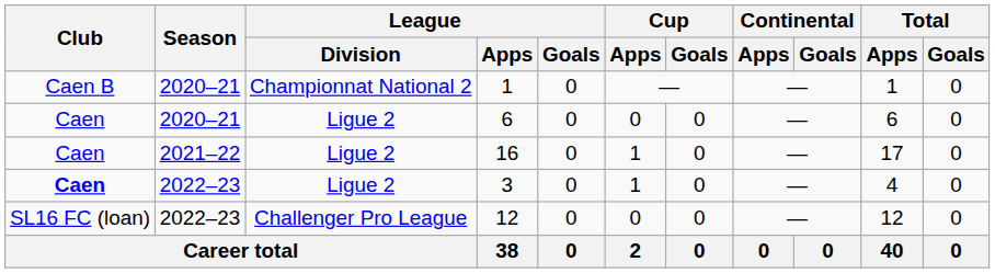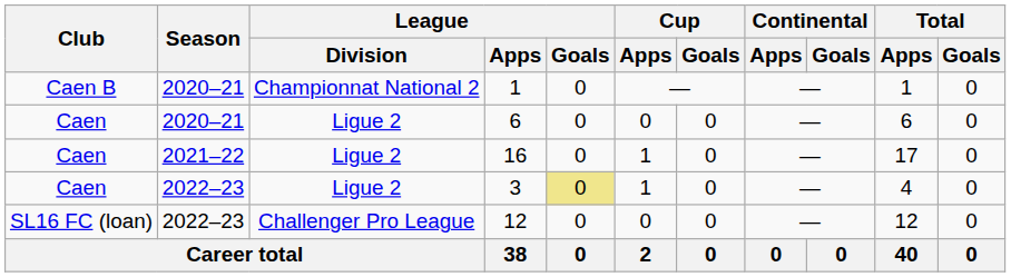 <table class="wikitable" Style="text-align: center">
 <tr>
 <th rowspan="2">Club</th>
 <th rowspan="2">Season</th>
 <th colspan="3">League</th>
 <th colspan="2">Cup</th>
 <th colspan="2">Continental</th>
 <th colspan="2">Total</th>
 </tr>
 <tr>
 <th>Division</th>
 <th>Apps</th>
 <th>Goals</th>
 <th>Apps</th>
 <th>Goals</th>
 <th>Apps</th>
 <th>Goals</th>
 <th>Apps</th>
 <th>Goals</th>
 </tr>
 <tr>
 <td rowspan="1"><a href='#'>Caen B</a></td>
 <td><a href='#'>2020–21</a></td>
 <td rowspan="1"><a href='#'>Championnat National 2</a></td>
 <td>1</td>
 <td>0</td>
 <td colspan="2">—</td>
 <td colspan="2">—</td>
 <td>1</td>
 <td>0</td>
 </tr>
 <tr>
 <td rowspan="1"><a href='#'>Caen</a></td>
 <td><a href='#'>2020–21</a></td>
 <td rowspan="1"><a href='#'>Ligue 2</a></td>
 <td>6</td>
 <td>0</td>
 <td>0</td>
 <td>0</td>
 <td colspan="2">—</td>
 <td>6</td>
 <td>0</td>
 </tr>
 <tr>
 <td rowspan="1"><a href='#'>Caen</a></td>
 <td><a href='#'>2021–22</a></td>
 <td rowspan="1"><a href='#'>Ligue 2</a></td>
 <td>16</td>
 <td>0</td>
 <td>1</td>
 <td>0</td>
 <td colspan="2">—</td>
 <td>17</td>
 <td>0</td>
 </tr>
 <tr>
-<td rowspan="1"><strong><a href='#'>Caen</a></strong></td>
+<td rowspan="1"><a href='#'>Caen</a></td>
 <td><a href='#'>2022–23</a></td>
 <td rowspan="1"><a href='#'>Ligue 2</a></td>
 <td>3</td>
-<td>0</td>
+<td style="background: khaki;">0</td>
 <td>1</td>
 <td>0</td>
 <td colspan="2">—</td>
 <td>4</td>
 <td>0</td>
 </tr>
 <tr>
 <td rowspan="1"><a href='#'>SL16 FC</a> (loan)</td>
 <td>2022–23</td>
 <td rowspan="1"><a href='#'>Challenger Pro League</a></td>
 <td>12</td>
 <td>0</td>
 <td>0</td>
 <td>0</td>
 <td colspan="2">—</td>
 <td>12</td>
 <td>0</td>
 </tr>
 <tr>
 <th colspan="3">Career total</th>
 <th>38</th>
 <th>0</th>
 <th>2</th>
 <th>0</th>
 <th>0</th>
 <th>0</th>
 <th>40</th>
 <th>0</th>
 </tr>
 </table>
